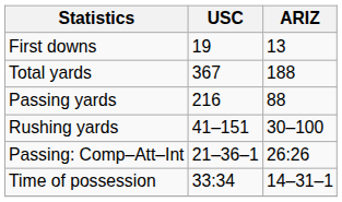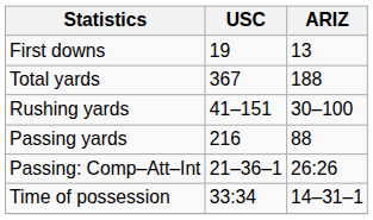 <table class="wikitable" style="float: left;">
 <tr>
 <th>Statistics</th>
 <th>USC</th>
 <th>ARIZ</th>
 </tr>
 <tr>
 <td>First downs</td>
 <td>19</td>
 <td>13</td>
 </tr>
 <tr>
 <td>Total yards</td>
 <td>367</td>
 <td>188</td>
 </tr>
 <tr>
+<td>Rushing yards</td>
+<td>41–151</td>
+<td>30–100</td>
+</tr>
+<tr>
 <td>Passing yards</td>
 <td>216</td>
 <td>88</td>
-</tr>
-<tr>
-<td>Rushing yards</td>
-<td>41–151</td>
-<td>30–100</td>
 </tr>
 <tr>
 <td>Passing: Comp–Att–Int</td>
 <td>21–36–1</td>
 <td>26:26</td>
 </tr>
 <tr>
 <td>Time of possession</td>
 <td>33:34</td>
 <td>14–31–1</td>
 </tr>
 <tr>
 </tr>
 </table>
